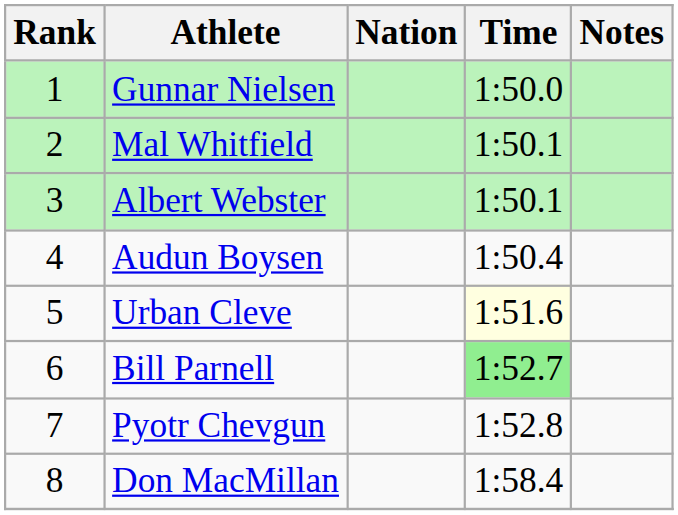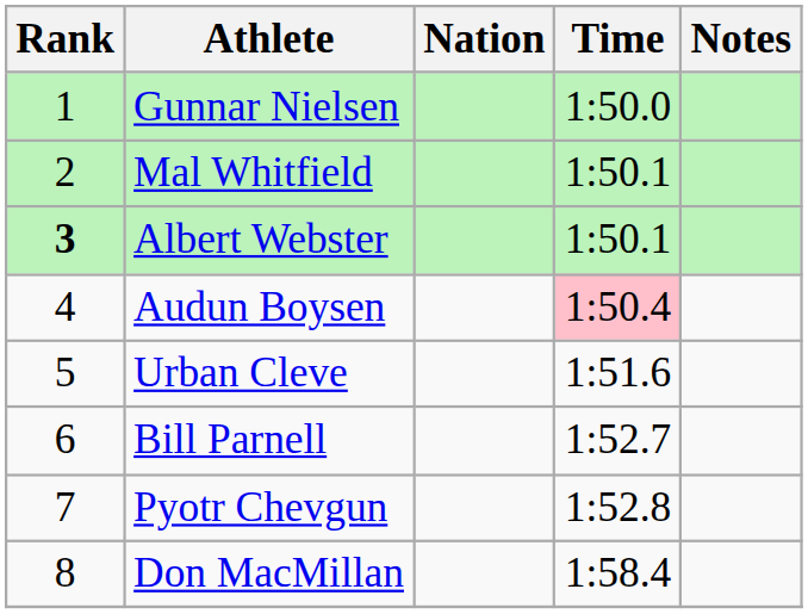 <table class="wikitable sortable" style="text-align:center">
 <tr>
 <th>Rank</th>
 <th>Athlete</th>
 <th>Nation</th>
 <th>Time</th>
 <th>Notes</th>
 </tr>
 <tr bgcolor=bbf3bb>
 <td>1</td>
 <td align=left><a href='#'>Gunnar Nielsen</a></td>
 <td align=left></td>
 <td>1:50.0</td>
 <td></td>
 </tr>
 <tr bgcolor=bbf3bb>
 <td>2</td>
 <td align=left><a href='#'>Mal Whitfield</a></td>
 <td align=left></td>
 <td>1:50.1</td>
 <td></td>
 </tr>
 <tr bgcolor=bbf3bb>
-<td>3</td>
+<td><strong>3</strong></td>
 <td align=left><a href='#'>Albert Webster</a></td>
 <td align=left></td>
 <td>1:50.1</td>
 <td></td>
 </tr>
 <tr>
 <td>4</td>
 <td align=left><a href='#'>Audun Boysen</a></td>
 <td align=left></td>
-<td>1:50.4</td>
+<td style="background: pink;">1:50.4</td>
 <td></td>
 </tr>
 <tr>
 <td>5</td>
 <td align=left><a href='#'>Urban Cleve</a></td>
 <td align=left></td>
-<td style="background: lightyellow;">1:51.6</td>
+<td>1:51.6</td>
 <td></td>
 </tr>
 <tr>
 <td>6</td>
 <td align=left><a href='#'>Bill Parnell</a></td>
 <td align=left></td>
-<td style="background: lightgreen;">1:52.7</td>
+<td>1:52.7</td>
 <td></td>
 </tr>
 <tr>
 <td>7</td>
 <td align=left><a href='#'>Pyotr Chevgun</a></td>
 <td align=left></td>
 <td>1:52.8</td>
 <td></td>
 </tr>
 <tr>
 <td>8</td>
 <td align=left><a href='#'>Don MacMillan</a></td>
 <td align=left></td>
 <td>1:58.4</td>
 <td></td>
 </tr>
 <tr>
 </tr>
 </table>
